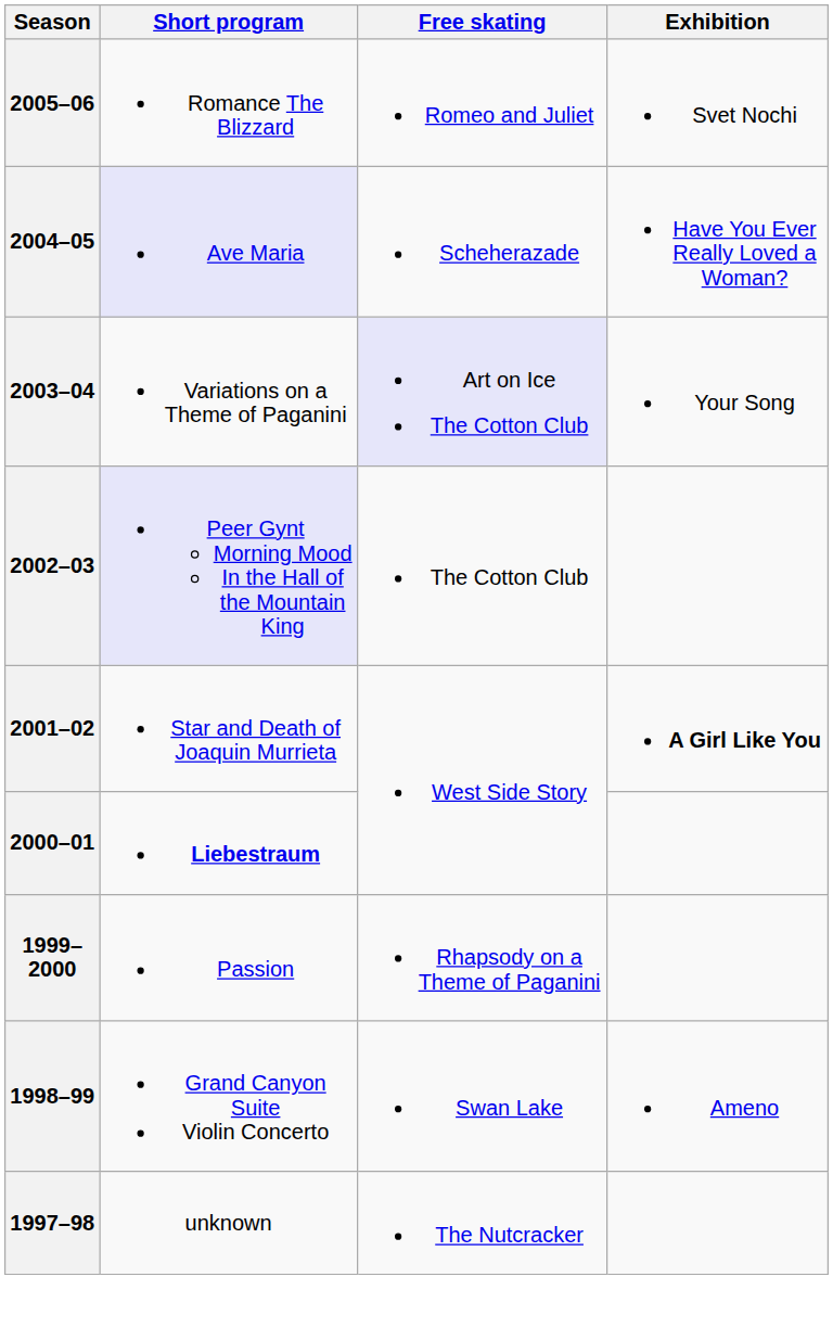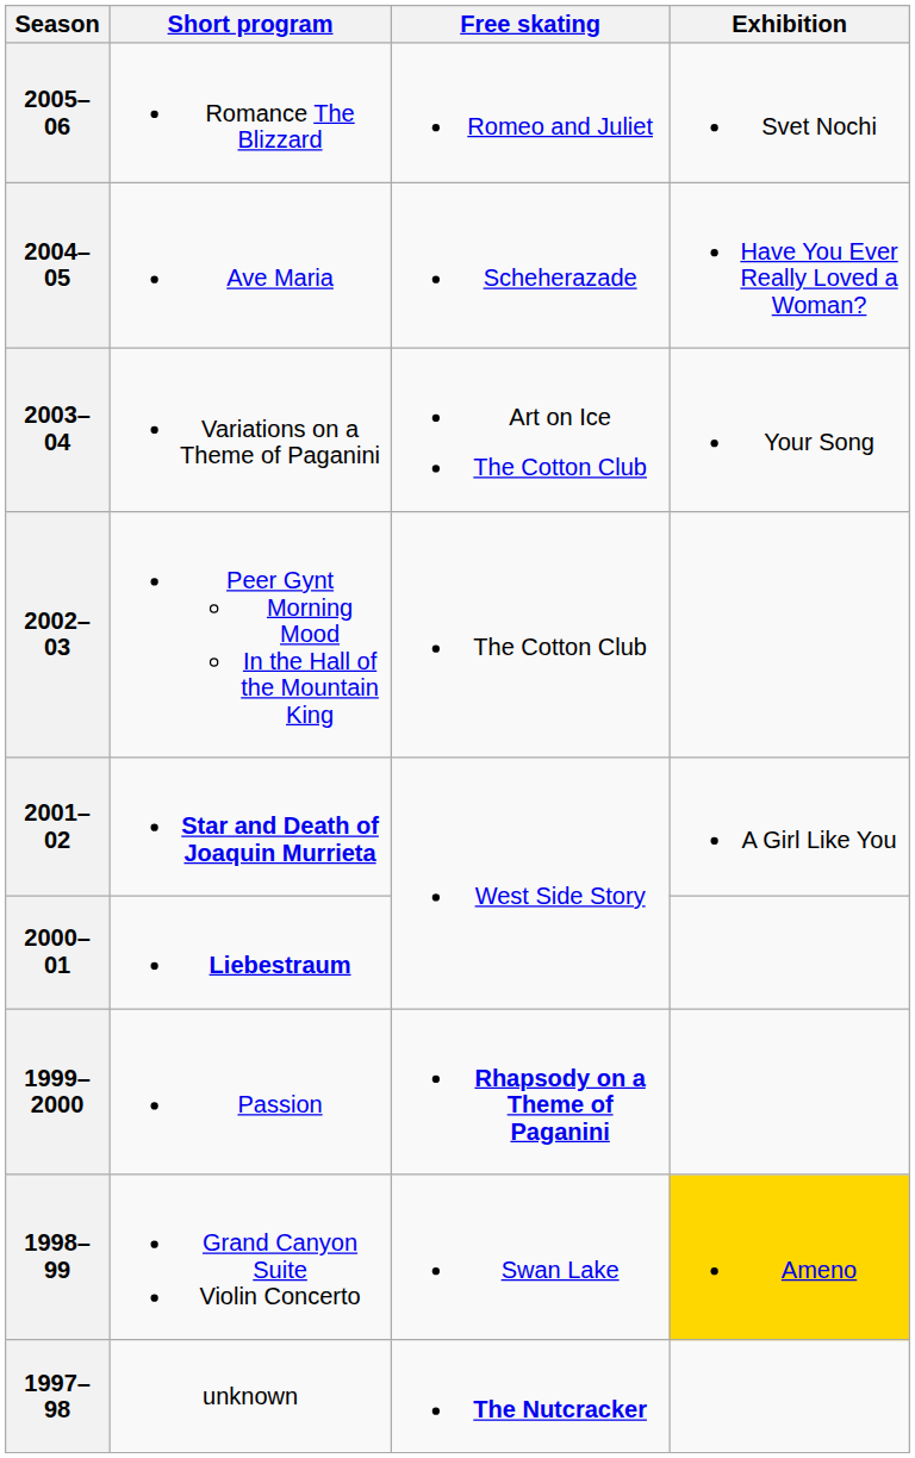 <table class="wikitable" style="text-align:center">
 <tr>
 <th>Season</th>
 <th><a href='#'>Short program</a></th>
 <th><a href='#'>Free skating</a></th>
 <th>Exhibition</th>
 </tr>
 <tr>
 <th>2005–06 <br> </th>
 <td><br><ul><li>Romance  <a href='#'>The Blizzard</a> <br></li></ul></td>
 <td><br><ul><li><a href='#'>Romeo and Juliet</a> <br></li></ul></td>
 <td><br><ul><li>Svet Nochi <br></li></ul></td>
 </tr>
 <tr>
 <th>2004–05 <br> </th>
-<td style="background: lavender;"><br><ul><li><a href='#'>Ave Maria</a> <br></li></ul></td>
+<td><br><ul><li><a href='#'>Ave Maria</a> <br></li></ul></td>
 <td><br><ul><li><a href='#'>Scheherazade</a> <br></li></ul></td>
 <td><br><ul><li><a href='#'>Have You Ever Really Loved a Woman?</a> <br></li></ul></td>
 </tr>
 <tr>
 <th>2003–04 <br> </th>
 <td><br><ul><li>Variations on a Theme of Paganini <br></li></ul></td>
-<td style="background: lavender;"><br><ul><li>Art on Ice <br></li></ul><ul><li><a href='#'>The Cotton Club</a> <br></li></ul></td>
+<td><br><ul><li>Art on Ice <br></li></ul><ul><li><a href='#'>The Cotton Club</a> <br></li></ul></td>
 <td><br><ul><li>Your Song</li></ul></td>
 </tr>
 <tr>
 <th>2002–03 <br> </th>
-<td style="background: lavender;"><br><ul><li><a href='#'>Peer Gynt</a> <br><ul><li><a href='#'>Morning Mood</a></li><li><a href='#'>In the Hall of the Mountain King</a></li></ul></li></ul></td>
+<td><br><ul><li><a href='#'>Peer Gynt</a> <br><ul><li><a href='#'>Morning Mood</a></li><li><a href='#'>In the Hall of the Mountain King</a></li></ul></li></ul></td>
 <td><br><ul><li>The Cotton Club <br></li></ul></td>
 <td></td>
 </tr>
 <tr>
 <th>2001–02 <br> </th>
-<td><br><ul><li><a href='#'>Star and Death of Joaquin Murrieta</a> <br></li></ul></td>
+<td><strong><br><ul><li><a href='#'>Star and Death of Joaquin Murrieta</a> <br></li></ul></strong></td>
 <td rowspan=2><br><ul><li><a href='#'>West Side Story</a> <br></li></ul></td>
-<td><strong><br><ul><li>A Girl Like You <br></li></ul></strong></td>
+<td><br><ul><li>A Girl Like You <br></li></ul></td>
 </tr>
 <tr>
 <th>2000–01 <br> </th>
 <td><strong><br><ul><li><a href='#'>Liebestraum</a> <br></li></ul></strong></td>
 <td></td>
 </tr>
 <tr>
 <th>1999–2000 <br> </th>
 <td><br><ul><li><a href='#'>Passion</a> <br></li></ul></td>
-<td><br><ul><li><a href='#'>Rhapsody on a Theme of Paganini</a> <br></li></ul></td>
+<td><strong><br><ul><li><a href='#'>Rhapsody on a Theme of Paganini</a> <br></li></ul></strong></td>
 <td></td>
 </tr>
 <tr>
 <th>1998–99</th>
 <td><br><ul><li><a href='#'>Grand Canyon Suite</a> <br></li><li>Violin Concerto <br></li></ul></td>
 <td><br><ul><li><a href='#'>Swan Lake</a> <br></li></ul></td>
-<td><br><ul><li><a href='#'>Ameno</a> <br></li></ul></td>
+<td style="background: gold;"><br><ul><li><a href='#'>Ameno</a> <br></li></ul></td>
 </tr>
 <tr>
 <th>1997–98</th>
 <td align="center">unknown</td>
-<td><br><ul><li><a href='#'>The Nutcracker</a> <br></li></ul></td>
+<td><strong><br><ul><li><a href='#'>The Nutcracker</a> <br></li></ul></strong></td>
 <td></td>
 </tr>
 </table>
